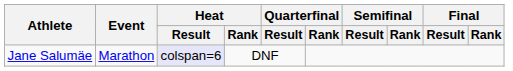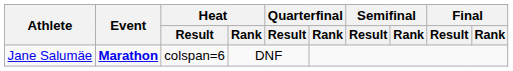 <table class="wikitable" style="font-size:90%">
 <tr>
 <th rowspan="2">Athlete</th>
 <th rowspan="2">Event</th>
 <th colspan="2">Heat</th>
 <th colspan="2">Quarterfinal</th>
 <th colspan="2">Semifinal</th>
 <th colspan="2">Final</th>
 </tr>
 <tr style="font-size:95%">
 <th>Result</th>
 <th>Rank</th>
 <th>Result</th>
 <th>Rank</th>
 <th>Result</th>
 <th>Rank</th>
 <th>Result</th>
 <th>Rank</th>
 </tr>
 <tr align=center>
 <td align=left rowspan=1><a href='#'>Jane Salumäe</a></td>
-<td align=left><a href='#'>Marathon</a></td>
-<td style="background: lavender;">colspan=6 </td>
+<td align=left><strong><a href='#'>Marathon</a></strong></td>
+<td>colspan=6 </td>
 <td colspan=2>DNF</td>
 </tr>
 </table>
